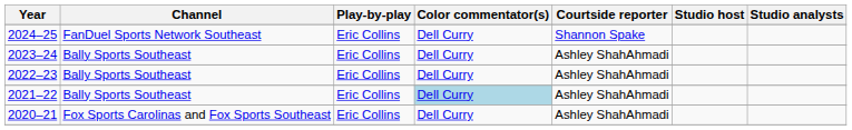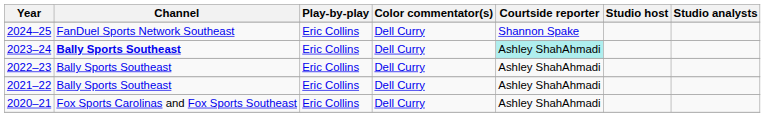 <table class="wikitable">
 <tr>
 <th><strong>Year</strong></th>
 <th><strong>Channel</strong></th>
 <th><strong>Play-by-play</strong></th>
 <th><strong>Color commentator(s)</strong></th>
 <th><strong>Courtside reporter</strong></th>
 <th><strong>Studio host</strong></th>
 <th><strong>Studio analysts</strong></th>
 </tr>
 <tr>
 </tr>
 <tr>
 <td><a href='#'>2024–25</a></td>
 <td><a href='#'>FanDuel Sports Network Southeast</a></td>
 <td><a href='#'>Eric Collins</a></td>
 <td><a href='#'>Dell Curry</a></td>
 <td><a href='#'>Shannon Spake</a></td>
 <td></td>
 <td></td>
 </tr>
 <tr>
 </tr>
 <tr>
 <td><a href='#'>2023–24</a></td>
-<td><a href='#'>Bally Sports Southeast</a></td>
+<td><strong><a href='#'>Bally Sports Southeast</a></strong></td>
 <td><a href='#'>Eric Collins</a></td>
 <td><a href='#'>Dell Curry</a></td>
-<td>Ashley ShahAhmadi</td>
+<td style="background: paleturquoise;">Ashley ShahAhmadi</td>
 <td></td>
 <td></td>
 </tr>
 <tr>
 </tr>
 <tr>
 <td><a href='#'>2022–23</a></td>
 <td><a href='#'>Bally Sports Southeast</a></td>
 <td><a href='#'>Eric Collins</a></td>
 <td><a href='#'>Dell Curry</a></td>
 <td>Ashley ShahAhmadi</td>
 <td></td>
 <td></td>
 </tr>
 <tr>
 </tr>
 <tr>
 <td><a href='#'>2021–22</a></td>
 <td><a href='#'>Bally Sports Southeast</a></td>
 <td><a href='#'>Eric Collins</a></td>
-<td style="background: lightblue;"><a href='#'>Dell Curry</a></td>
+<td><a href='#'>Dell Curry</a></td>
 <td>Ashley ShahAhmadi</td>
 <td></td>
 <td></td>
 </tr>
 <tr>
 </tr>
 <tr>
 <td><a href='#'>2020–21</a></td>
 <td><a href='#'>Fox Sports Carolinas</a> and <a href='#'>Fox Sports Southeast</a></td>
 <td><a href='#'>Eric Collins</a></td>
 <td><a href='#'>Dell Curry</a></td>
 <td>Ashley ShahAhmadi</td>
 <td></td>
 <td></td>
 </tr>
 <tr>
 </tr>
 </table>
